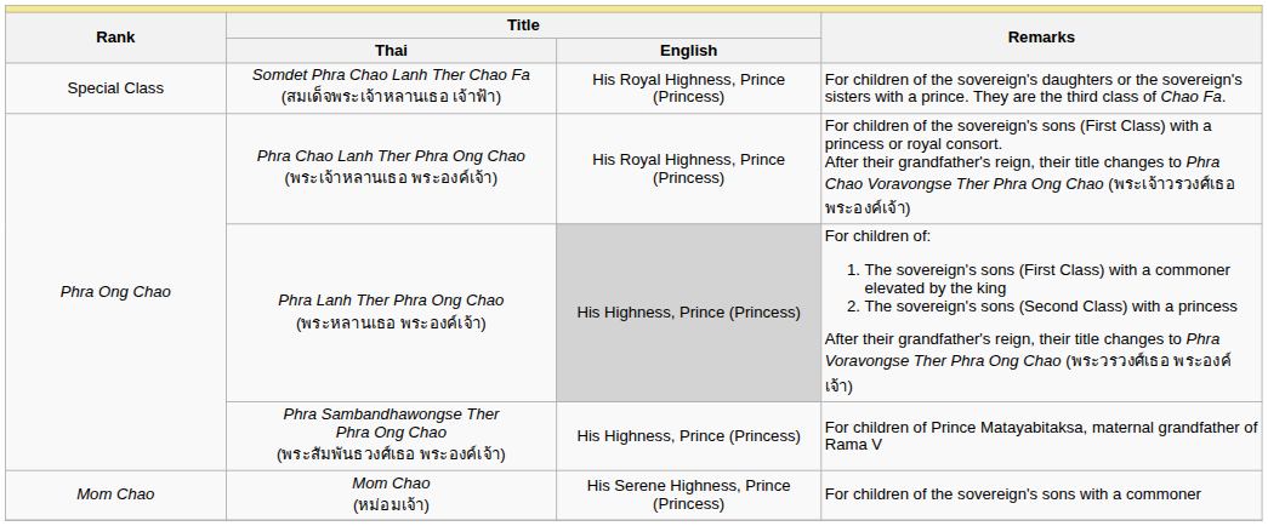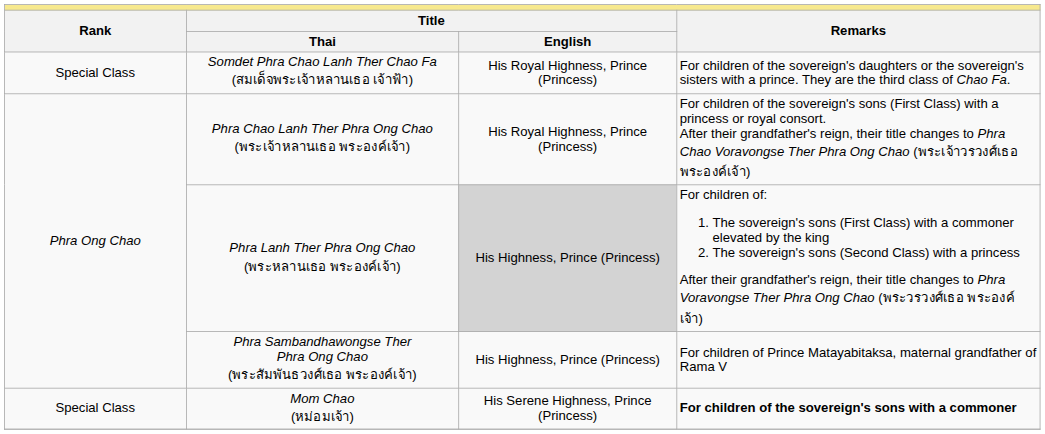 <table class="wikitable" width="100%">
 <tr>
 <td colspan=4 style="background: #F7E98E;"></td>
 </tr>
 <tr>
 <th rowspan=2 width="10%">Rank</th>
 <th colspan=2 width="25%">Title</th>
 <th rowspan=2 width="20%">Remarks</th>
 </tr>
 <tr>
 <th width="15%">Thai</th>
 <th width="12%">English</th>
 </tr>
 <tr>
 <td align="center">Special Class</td>
 <td align="center"><em>Somdet Phra Chao Lanh Ther Chao Fa</em> <br> (สมเด็จพระเจ้าหลานเธอ เจ้าฟ้า)</td>
 <td align="center">His Royal Highness, Prince (Princess)</td>
 <td>For children of the sovereign's daughters or the sovereign's sisters with a prince. They are the third class of <em>Chao Fa</em>.</td>
 </tr>
 <tr>
 <td rowspan=3 align="center"><em>Phra Ong Chao</em></td>
 <td align="center"><em>Phra Chao Lanh Ther Phra Ong Chao</em> <br> (พระเจ้าหลานเธอ พระองค์เจ้า)</td>
 <td align="center">His Royal Highness, Prince (Princess)</td>
 <td>For children of the sovereign's sons (First Class) with a princess or royal consort.<br>After their grandfather's reign, their title changes to <em>Phra Chao Voravongse Ther Phra Ong Chao</em> (พระเจ้าวรวงศ์เธอ พระองค์เจ้า)</td>
 </tr>
 <tr>
 <td align="center"><em>Phra Lanh Ther Phra Ong Chao</em> <br> (พระหลานเธอ พระองค์เจ้า)</td>
 <td align="center" style="background: lightgrey;">His Highness, Prince (Princess)</td>
 <td>For children of:<br><ol><li>The sovereign's sons (First Class) with a commoner elevated by the king</li><li>The sovereign's sons (Second Class) with a princess</li></ol>After their grandfather's reign, their title changes to <em>Phra Voravongse Ther Phra Ong Chao</em> (พระวรวงศ์เธอ พระองค์เจ้า)</td>
 </tr>
 <tr>
 <td align="center"><em>Phra Sambandhawongse Ther <br> Phra Ong Chao</em> <br> (พระสัมพันธวงศ์เธอ พระองค์เจ้า)</td>
 <td align="center">His Highness, Prince (Princess)</td>
 <td>For children of Prince Matayabitaksa, maternal grandfather of Rama V</td>
 </tr>
 <tr>
-<td align="center"><em>Mom Chao</em></td>
+<td align="center">Special Class</td>
 <td align="center"><em>Mom Chao</em> <br> (หม่อมเจ้า)</td>
 <td align="center">His Serene Highness, Prince (Princess)</td>
-<td>For children of the sovereign's sons with a commoner</td>
+<td><strong>For children of the sovereign's sons with a commoner</strong></td>
 </tr>
 <tr>
 </tr>
 </table>
